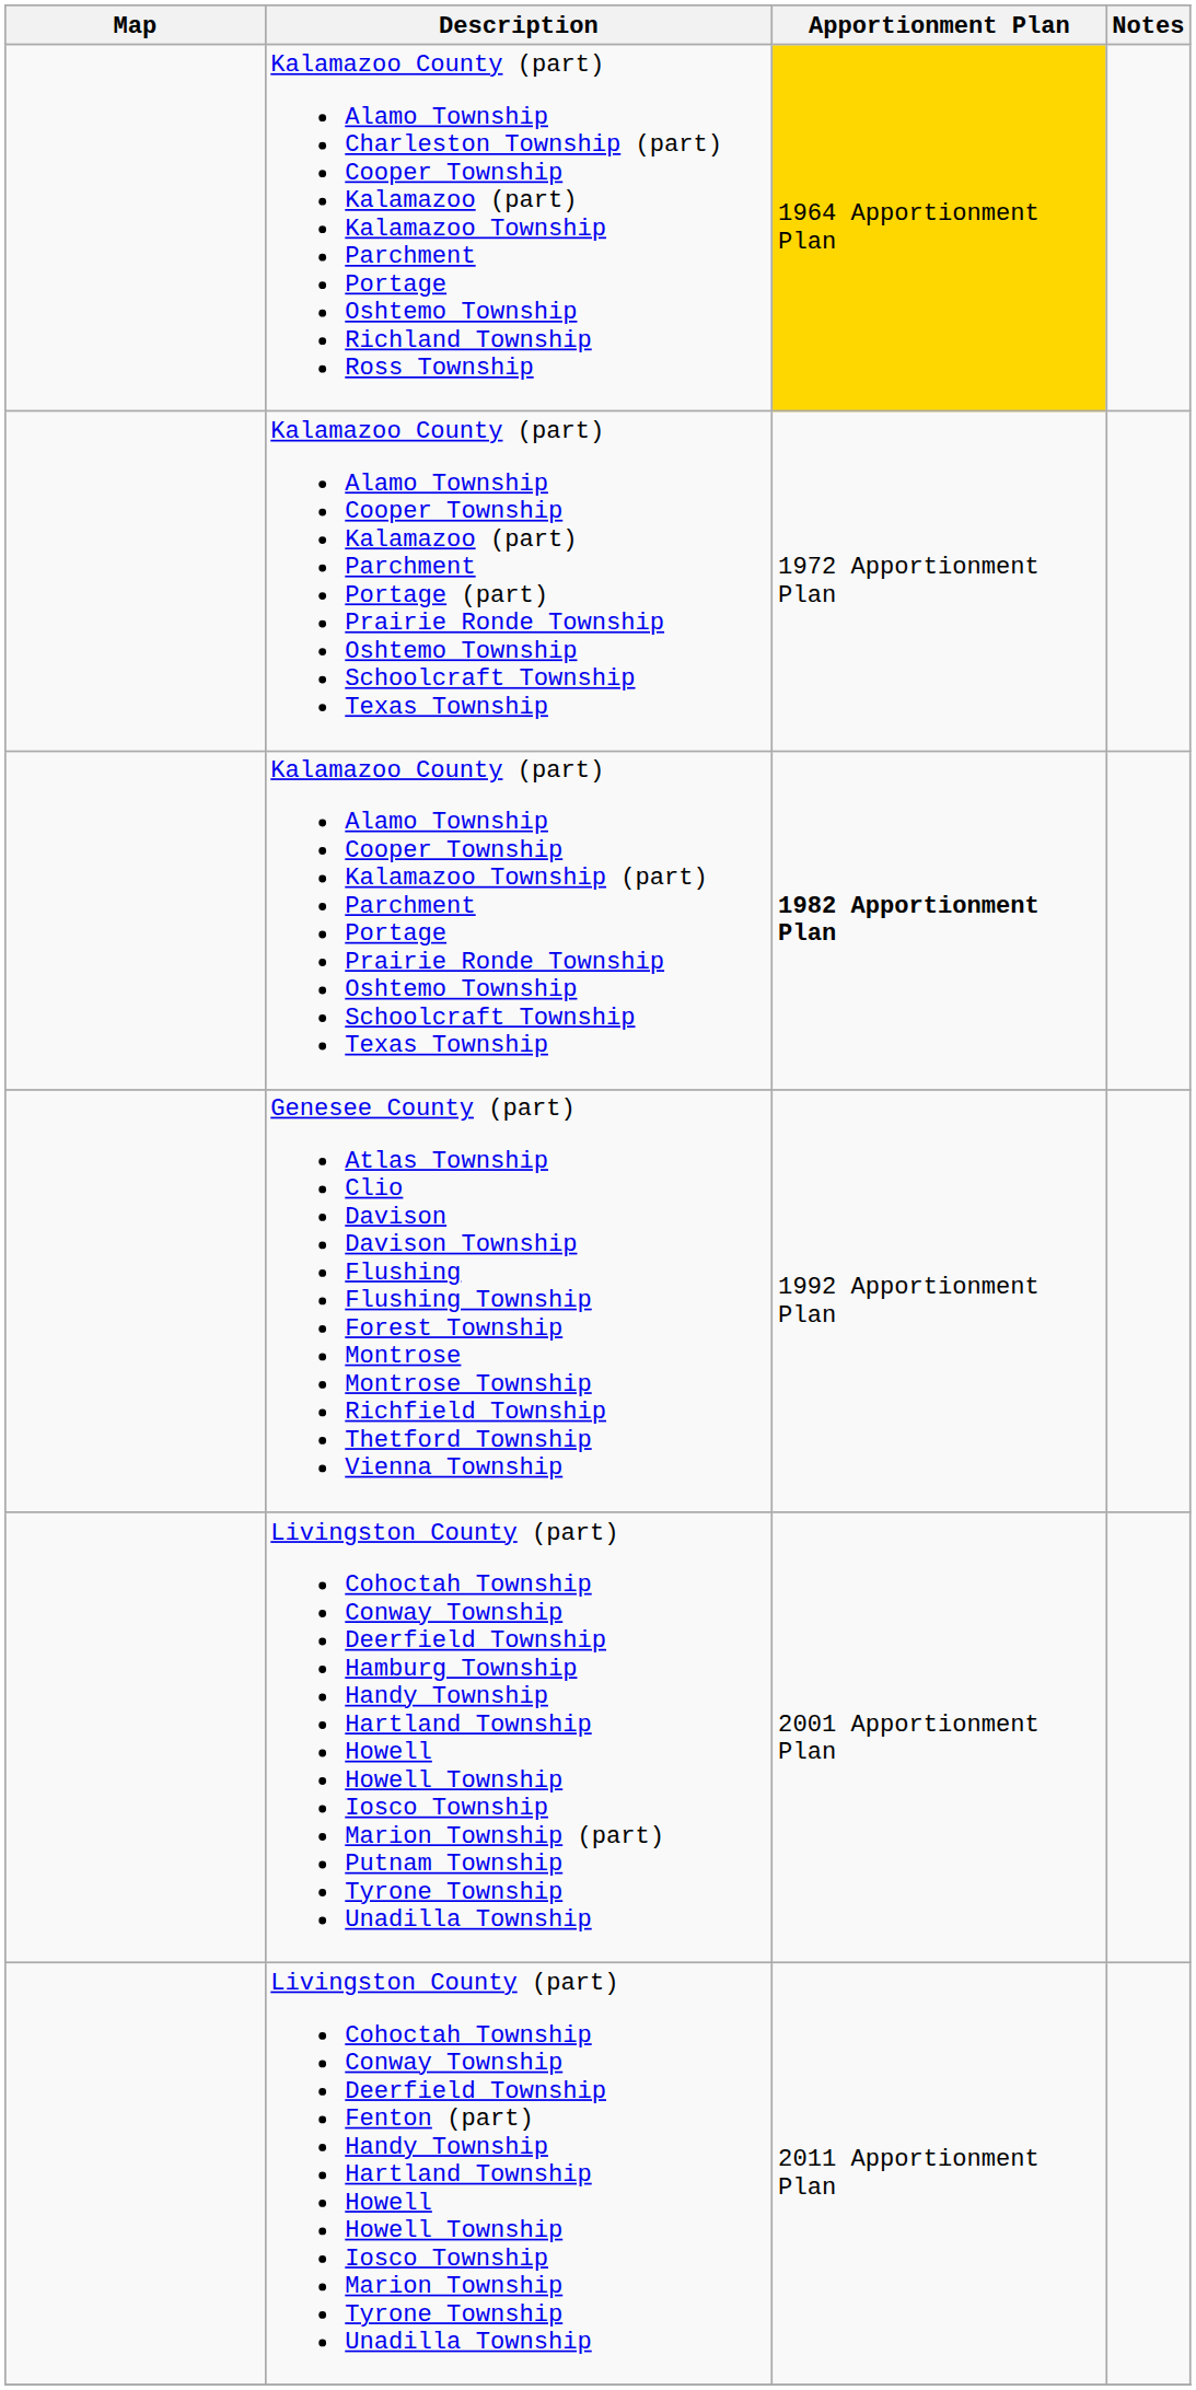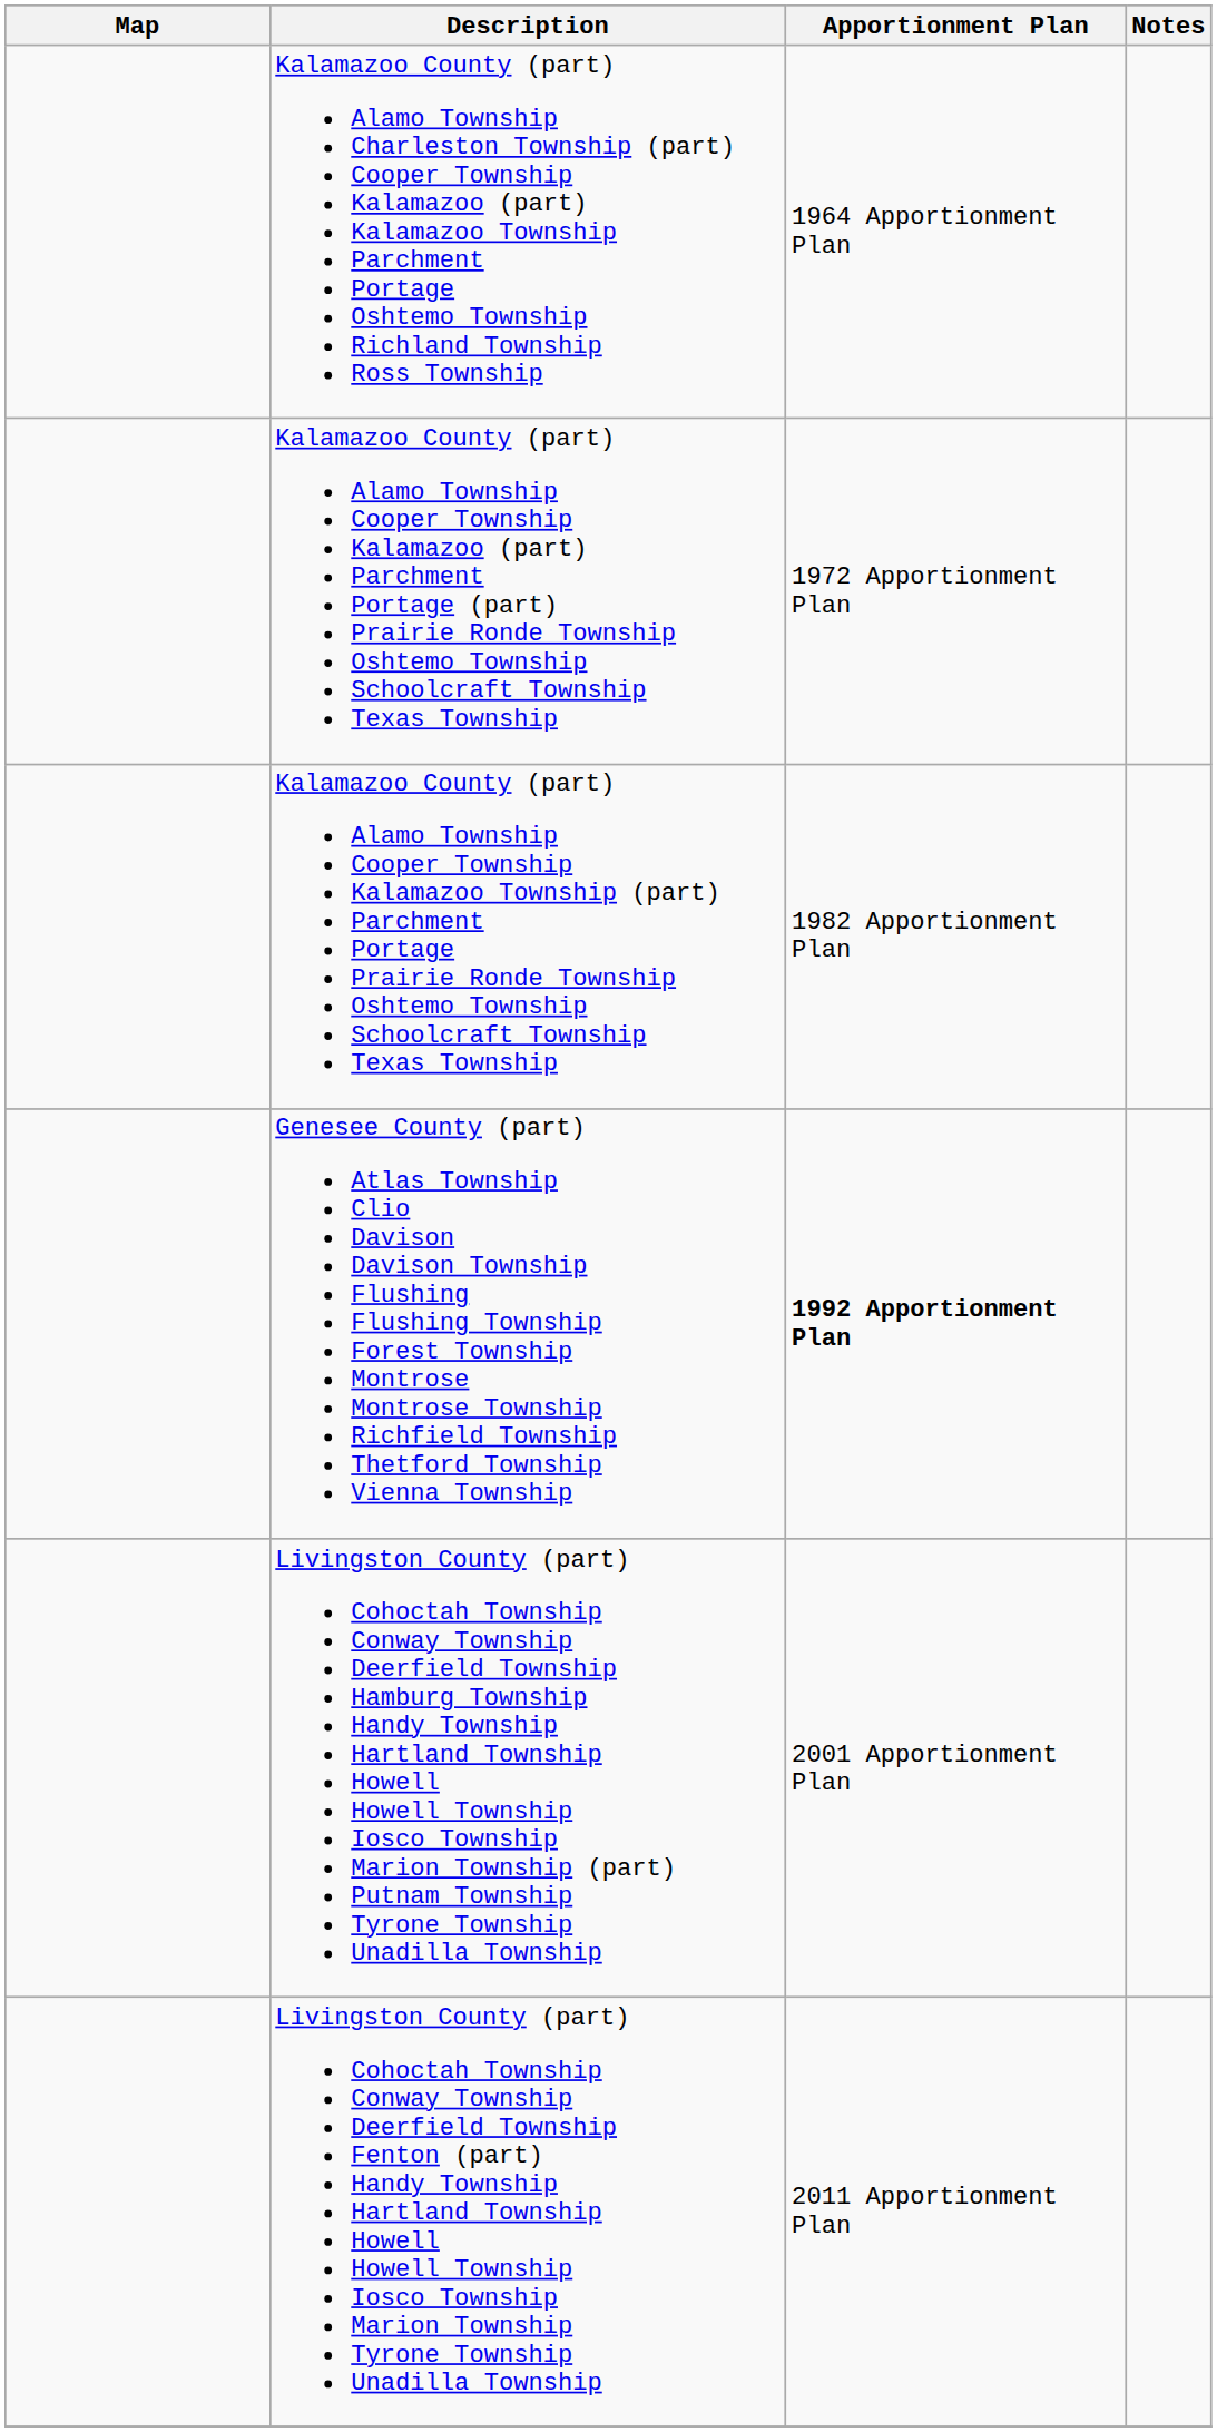 <table class="wikitable sortable">
 <tr>
 <th style="width:100pt;">Map</th>
 <th style="width:200pt;">Description</th>
 <th style="width:130pt;">Apportionment Plan</th>
 <th style="width:15pt;">Notes</th>
 </tr>
 <tr>
 <td></td>
 <td><a href='#'>Kalamazoo County</a> (part)<br><ul><li><a href='#'>Alamo Township</a></li><li><a href='#'>Charleston Township</a> (part)</li><li><a href='#'>Cooper Township</a></li><li><a href='#'>Kalamazoo</a> (part)</li><li><a href='#'>Kalamazoo Township</a></li><li><a href='#'>Parchment</a></li><li><a href='#'>Portage</a></li><li><a href='#'>Oshtemo Township</a></li><li><a href='#'>Richland Township</a></li><li><a href='#'>Ross Township</a></li></ul></td>
-<td style="background: gold;">1964 Apportionment Plan</td>
+<td>1964 Apportionment Plan</td>
 <td></td>
 </tr>
 <tr>
 <td></td>
 <td><a href='#'>Kalamazoo County</a> (part)<br><ul><li><a href='#'>Alamo Township</a></li><li><a href='#'>Cooper Township</a></li><li><a href='#'>Kalamazoo</a> (part)</li><li><a href='#'>Parchment</a></li><li><a href='#'>Portage</a> (part)</li><li><a href='#'>Prairie Ronde Township</a></li><li><a href='#'>Oshtemo Township</a></li><li><a href='#'>Schoolcraft Township</a></li><li><a href='#'>Texas Township</a></li></ul></td>
 <td>1972 Apportionment Plan</td>
 <td></td>
 </tr>
 <tr>
 <td></td>
 <td><a href='#'>Kalamazoo County</a> (part)<br><ul><li><a href='#'>Alamo Township</a></li><li><a href='#'>Cooper Township</a></li><li><a href='#'>Kalamazoo Township</a> (part)</li><li><a href='#'>Parchment</a></li><li><a href='#'>Portage</a></li><li><a href='#'>Prairie Ronde Township</a></li><li><a href='#'>Oshtemo Township</a></li><li><a href='#'>Schoolcraft Township</a></li><li><a href='#'>Texas Township</a></li></ul></td>
-<td><strong>1982 Apportionment Plan</strong></td>
+<td>1982 Apportionment Plan</td>
 <td></td>
 </tr>
 <tr>
 <td></td>
 <td><a href='#'>Genesee County</a> (part)<br><ul><li><a href='#'>Atlas Township</a></li><li><a href='#'>Clio</a></li><li><a href='#'>Davison</a></li><li><a href='#'>Davison Township</a></li><li><a href='#'>Flushing</a></li><li><a href='#'>Flushing Township</a></li><li><a href='#'>Forest Township</a></li><li><a href='#'>Montrose</a></li><li><a href='#'>Montrose Township</a></li><li><a href='#'>Richfield Township</a></li><li><a href='#'>Thetford Township</a></li><li><a href='#'>Vienna Township</a></li></ul></td>
-<td>1992 Apportionment Plan</td>
+<td><strong>1992 Apportionment Plan</strong></td>
 <td></td>
 </tr>
 <tr>
 <td></td>
 <td><a href='#'>Livingston County</a> (part)<br><ul><li><a href='#'>Cohoctah Township</a></li><li><a href='#'>Conway Township</a></li><li><a href='#'>Deerfield Township</a></li><li><a href='#'>Hamburg Township</a></li><li><a href='#'>Handy Township</a></li><li><a href='#'>Hartland Township</a></li><li><a href='#'>Howell</a></li><li><a href='#'>Howell Township</a></li><li><a href='#'>Iosco Township</a></li><li><a href='#'>Marion Township</a> (part)</li><li><a href='#'>Putnam Township</a></li><li><a href='#'>Tyrone Township</a></li><li><a href='#'>Unadilla Township</a></li></ul></td>
 <td>2001 Apportionment Plan</td>
 <td></td>
 </tr>
 <tr>
 <td></td>
 <td><a href='#'>Livingston County</a> (part)<br><ul><li><a href='#'>Cohoctah Township</a></li><li><a href='#'>Conway Township</a></li><li><a href='#'>Deerfield Township</a></li><li><a href='#'>Fenton</a> (part)</li><li><a href='#'>Handy Township</a></li><li><a href='#'>Hartland Township</a></li><li><a href='#'>Howell</a></li><li><a href='#'>Howell Township</a></li><li><a href='#'>Iosco Township</a></li><li><a href='#'>Marion Township</a></li><li><a href='#'>Tyrone Township</a></li><li><a href='#'>Unadilla Township</a></li></ul></td>
 <td>2011 Apportionment Plan</td>
 <td></td>
 </tr>
 <tr>
 </tr>
 </table>
